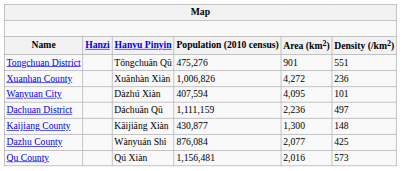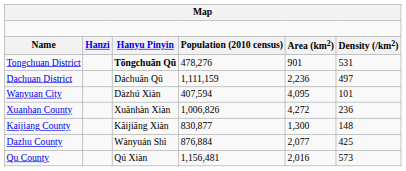 <table class="wikitable"  style="font-size:90%;" align=center>
 <tr>
 <th colspan="6" align="center">Map</th>
 </tr>
 <tr>
 <td colspan="6" align="center"><div><br>          </div></td>
 </tr>
 <tr>
 <th>Name</th>
 <th><a href='#'>Hanzi</a></th>
 <th><a href='#'>Hanyu Pinyin</a></th>
 <th>Population (2010 census)</th>
 <th>Area (km<sup>2</sup>)</th>
 <th>Density (/km<sup>2</sup>)</th>
 </tr>
 <tr>
 <td><a href='#'>Tongchuan District</a></td>
 <td></td>
-<td>Tōngchuān Qū</td>
-<td>475,276</td>
+<td><strong>Tōngchuān Qū</strong></td>
+<td>478,276</td>
 <td>901</td>
-<td>551</td>
+<td>531</td>
+</tr>
+<tr>
+<td><a href='#'>Dachuan District</a></td>
+<td></td>
+<td>Dáchuān Qū</td>
+<td>1,111,159</td>
+<td>2,236</td>
+<td>497</td>
+</tr>
+<tr>
+<td><a href='#'>Wanyuan City</a></td>
+<td></td>
+<td>Dàzhú Xiàn</td>
+<td>407,594</td>
+<td>4,095</td>
+<td>101</td>
 </tr>
 <tr>
 <td><a href='#'>Xuanhan County</a></td>
 <td></td>
 <td>Xuānhàn Xiàn</td>
 <td>1,006,826</td>
 <td>4,272</td>
 <td>236</td>
 </tr>
 <tr>
-<td><a href='#'>Wanyuan City</a></td>
-<td></td>
-<td>Dàzhú Xiàn</td>
-<td>407,594</td>
-<td>4,095</td>
-<td>101</td>
-</tr>
-<tr>
-<td><a href='#'>Dachuan District</a></td>
-<td></td>
-<td>Dáchuān Qū</td>
-<td>1,111,159</td>
-<td>2,236</td>
-<td>497</td>
-</tr>
-<tr>
 <td><a href='#'>Kaijiang County</a></td>
 <td></td>
 <td>Kāijiāng Xiàn</td>
-<td>430,877</td>
+<td>830,877</td>
 <td>1,300</td>
 <td>148</td>
 </tr>
 <tr>
 <td><a href='#'>Dazhu County</a></td>
 <td></td>
 <td>Wànyuán Shì</td>
-<td>876,084</td>
+<td>876,884</td>
 <td>2,077</td>
 <td>425</td>
 </tr>
 <tr>
 <td><a href='#'>Qu County</a></td>
 <td></td>
 <td>Qú Xiàn</td>
 <td>1,156,481</td>
 <td>2,016</td>
 <td>573</td>
 </tr>
 </table>
